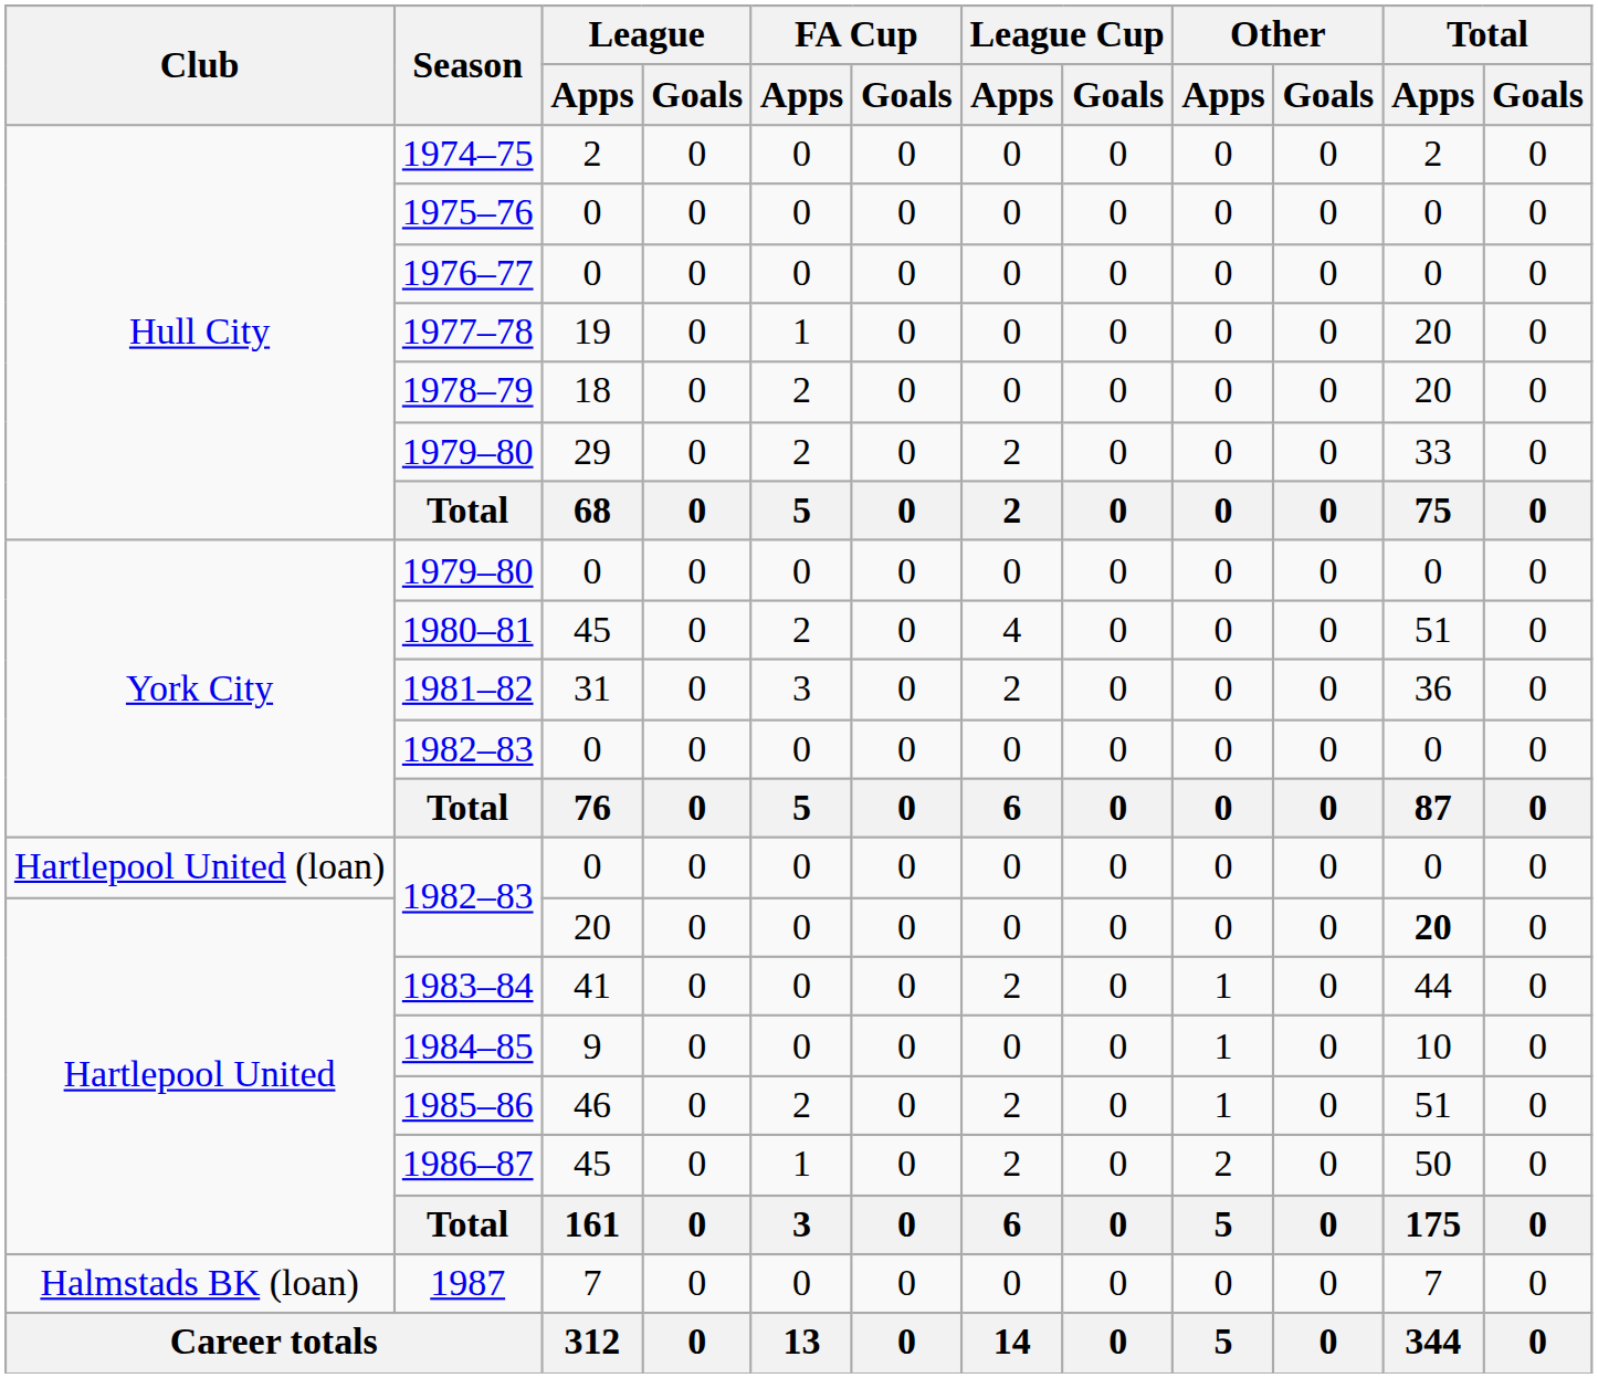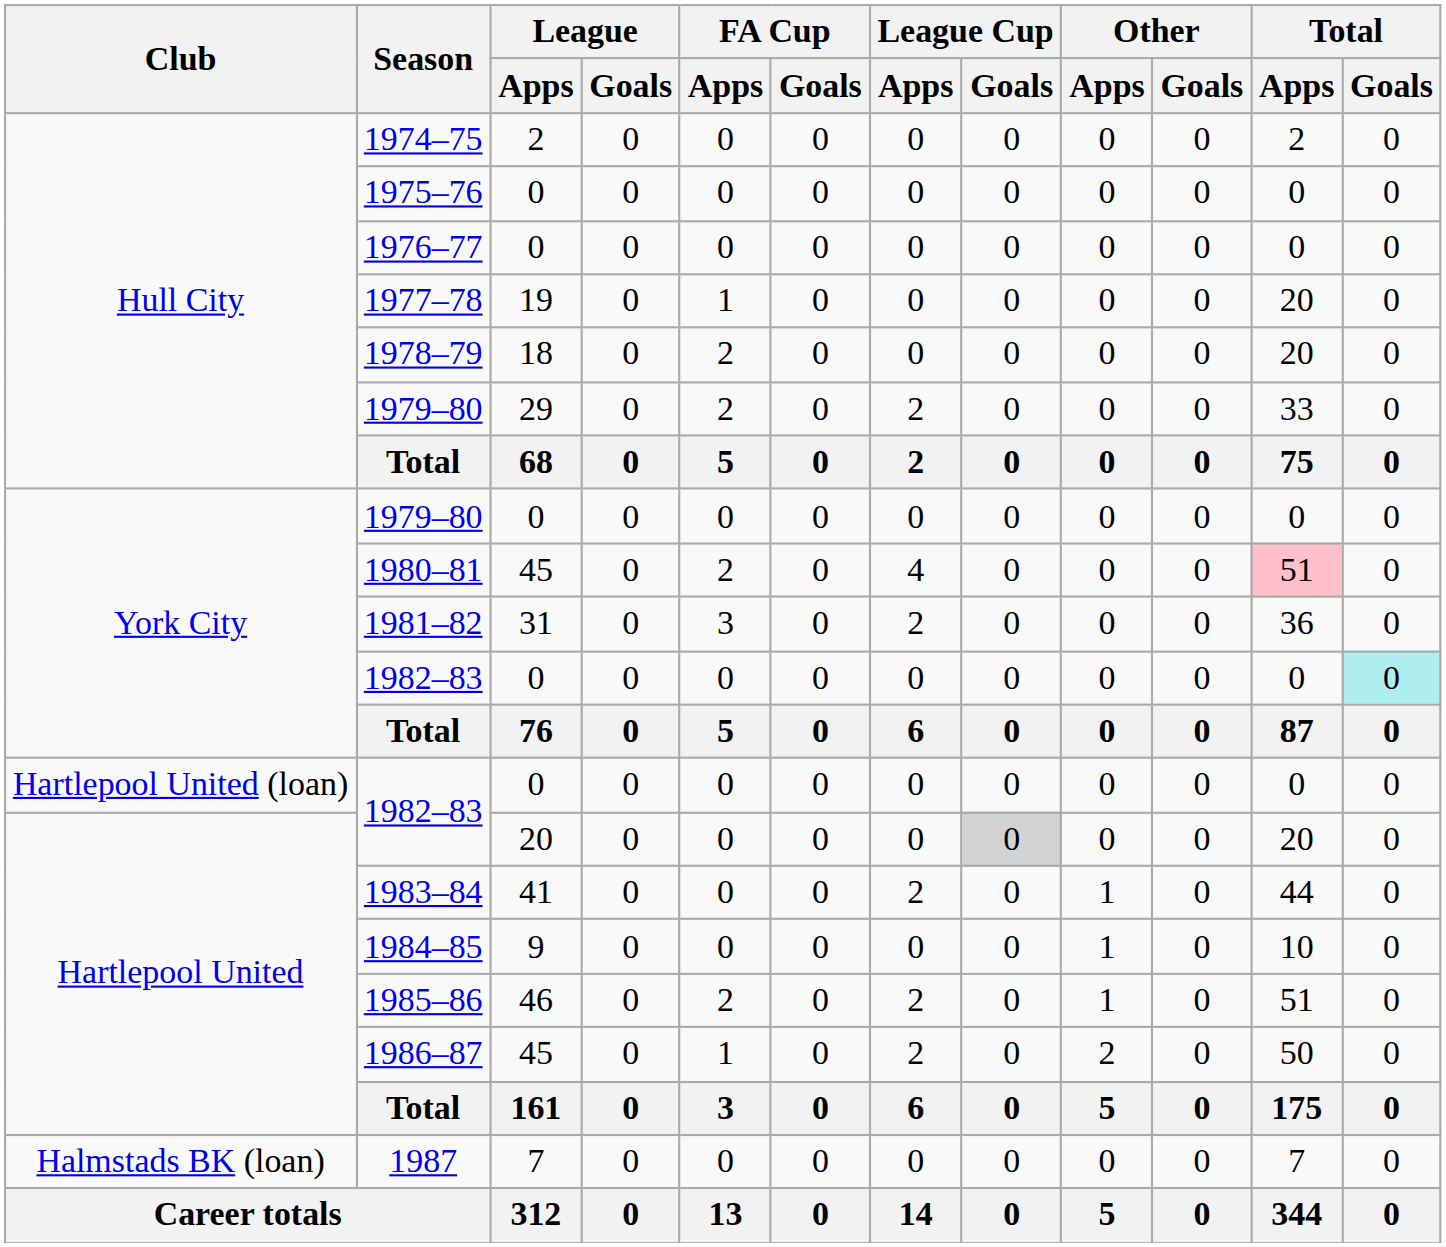 <table class="wikitable" style="text-align: center;">
 <tr>
 <th rowspan="2">Club</th>
 <th rowspan="2">Season</th>
 <th colspan="2">League</th>
 <th colspan="2">FA Cup</th>
 <th colspan="2">League Cup</th>
 <th colspan="2">Other</th>
 <th colspan="2">Total</th>
 </tr>
 <tr>
 <th>Apps</th>
 <th>Goals</th>
 <th>Apps</th>
 <th>Goals</th>
 <th>Apps</th>
 <th>Goals</th>
 <th>Apps</th>
 <th>Goals</th>
 <th>Apps</th>
 <th>Goals</th>
 </tr>
 <tr>
 <td rowspan="7" valign="center"><a href='#'>Hull City</a></td>
 <td><a href='#'>1974–75</a></td>
 <td>2</td>
 <td>0</td>
 <td>0</td>
 <td>0</td>
 <td>0</td>
 <td>0</td>
 <td>0</td>
 <td>0</td>
 <td>2</td>
 <td>0</td>
 </tr>
 <tr>
 <td><a href='#'>1975–76</a></td>
 <td>0</td>
 <td>0</td>
 <td>0</td>
 <td>0</td>
 <td>0</td>
 <td>0</td>
 <td>0</td>
 <td>0</td>
 <td>0</td>
 <td>0</td>
 </tr>
 <tr>
 <td><a href='#'>1976–77</a></td>
 <td>0</td>
 <td>0</td>
 <td>0</td>
 <td>0</td>
 <td>0</td>
 <td>0</td>
 <td>0</td>
 <td>0</td>
 <td>0</td>
 <td>0</td>
 </tr>
 <tr>
 <td><a href='#'>1977–78</a></td>
 <td>19</td>
 <td>0</td>
 <td>1</td>
 <td>0</td>
 <td>0</td>
 <td>0</td>
 <td>0</td>
 <td>0</td>
 <td>20</td>
 <td>0</td>
 </tr>
 <tr>
 <td><a href='#'>1978–79</a></td>
 <td>18</td>
 <td>0</td>
 <td>2</td>
 <td>0</td>
 <td>0</td>
 <td>0</td>
 <td>0</td>
 <td>0</td>
 <td>20</td>
 <td>0</td>
 </tr>
 <tr>
 <td><a href='#'>1979–80</a></td>
 <td>29</td>
 <td>0</td>
 <td>2</td>
 <td>0</td>
 <td>2</td>
 <td>0</td>
 <td>0</td>
 <td>0</td>
 <td>33</td>
 <td>0</td>
 </tr>
 <tr>
 <th>Total</th>
 <th>68</th>
 <th>0</th>
 <th>5</th>
 <th>0</th>
 <th>2</th>
 <th>0</th>
 <th>0</th>
 <th>0</th>
 <th>75</th>
 <th>0</th>
 </tr>
 <tr>
 <td rowspan="5" valign="center"><a href='#'>York City</a></td>
 <td><a href='#'>1979–80</a></td>
 <td>0</td>
 <td>0</td>
 <td>0</td>
 <td>0</td>
 <td>0</td>
 <td>0</td>
 <td>0</td>
 <td>0</td>
 <td>0</td>
 <td>0</td>
 </tr>
 <tr>
 <td><a href='#'>1980–81</a></td>
 <td>45</td>
 <td>0</td>
 <td>2</td>
 <td>0</td>
 <td>4</td>
 <td>0</td>
 <td>0</td>
 <td>0</td>
-<td>51</td>
+<td style="background: pink;">51</td>
 <td>0</td>
 </tr>
 <tr>
 <td><a href='#'>1981–82</a></td>
 <td>31</td>
 <td>0</td>
 <td>3</td>
 <td>0</td>
 <td>2</td>
 <td>0</td>
 <td>0</td>
 <td>0</td>
 <td>36</td>
 <td>0</td>
 </tr>
 <tr>
 <td><a href='#'>1982–83</a></td>
 <td>0</td>
 <td>0</td>
 <td>0</td>
 <td>0</td>
 <td>0</td>
 <td>0</td>
 <td>0</td>
 <td>0</td>
 <td>0</td>
-<td>0</td>
+<td style="background: paleturquoise;">0</td>
 </tr>
 <tr>
 <th>Total</th>
 <th>76</th>
 <th>0</th>
 <th>5</th>
 <th>0</th>
 <th>6</th>
 <th>0</th>
 <th>0</th>
 <th>0</th>
 <th>87</th>
 <th>0</th>
 </tr>
 <tr>
 <td rowspan="1" valign="center"><a href='#'>Hartlepool United</a> (loan)</td>
 <td rowspan="2"><a href='#'>1982–83</a></td>
 <td>0</td>
 <td>0</td>
 <td>0</td>
 <td>0</td>
 <td>0</td>
 <td>0</td>
 <td>0</td>
 <td>0</td>
 <td>0</td>
 <td>0</td>
 </tr>
 <tr>
 <td rowspan="6" valign="center"><a href='#'>Hartlepool United</a></td>
 <td>20</td>
 <td>0</td>
 <td>0</td>
 <td>0</td>
 <td>0</td>
+<td style="background: lightgrey;">0</td>
 <td>0</td>
 <td>0</td>
-<td>0</td>
-<td><strong>20</strong></td>
+<td>20</td>
 <td>0</td>
 </tr>
 <tr>
 <td><a href='#'>1983–84</a></td>
 <td>41</td>
 <td>0</td>
 <td>0</td>
 <td>0</td>
 <td>2</td>
 <td>0</td>
 <td>1</td>
 <td>0</td>
 <td>44</td>
 <td>0</td>
 </tr>
 <tr>
 <td><a href='#'>1984–85</a></td>
 <td>9</td>
 <td>0</td>
 <td>0</td>
 <td>0</td>
 <td>0</td>
 <td>0</td>
 <td>1</td>
 <td>0</td>
 <td>10</td>
 <td>0</td>
 </tr>
 <tr>
 <td><a href='#'>1985–86</a></td>
 <td>46</td>
 <td>0</td>
 <td>2</td>
 <td>0</td>
 <td>2</td>
 <td>0</td>
 <td>1</td>
 <td>0</td>
 <td>51</td>
 <td>0</td>
 </tr>
 <tr>
 <td><a href='#'>1986–87</a></td>
 <td>45</td>
 <td>0</td>
 <td>1</td>
 <td>0</td>
 <td>2</td>
 <td>0</td>
 <td>2</td>
 <td>0</td>
 <td>50</td>
 <td>0</td>
 </tr>
 <tr>
 <th>Total</th>
 <th>161</th>
 <th>0</th>
 <th>3</th>
 <th>0</th>
 <th>6</th>
 <th>0</th>
 <th>5</th>
 <th>0</th>
 <th>175</th>
 <th>0</th>
 </tr>
 <tr>
 <td rowspan="1" valign="center"><a href='#'>Halmstads BK</a> (loan)</td>
 <td><a href='#'>1987</a></td>
 <td>7</td>
 <td>0</td>
 <td>0</td>
 <td>0</td>
 <td>0</td>
 <td>0</td>
 <td>0</td>
 <td>0</td>
 <td>7</td>
 <td>0</td>
 </tr>
 <tr>
 <th colspan="2">Career totals</th>
 <th>312</th>
 <th>0</th>
 <th>13</th>
 <th>0</th>
 <th>14</th>
 <th>0</th>
 <th>5</th>
 <th>0</th>
 <th>344</th>
 <th>0</th>
 </tr>
 </table>
